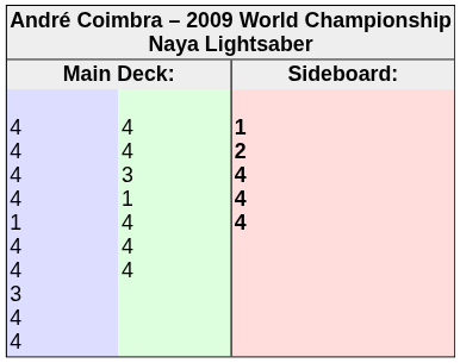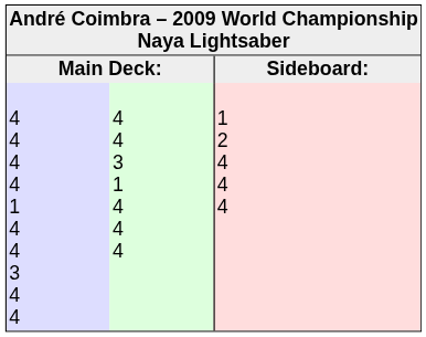 <table align="right" border="0" cellspacing="0" cellpadding="2" style="border: 1px solid black; margin-left: 1ex;">
 <tr>
 <th colspan="3" style="background-color: #eee; border-bottom: 1px solid black;">André Coimbra – 2009 World Championship<br>Naya Lightsaber</th>
 </tr>
 <tr style="background-color: #eee;">
 <th colspan="2">Main Deck:</th>
 <th style="border-left: 1px solid black;">Sideboard:</th>
 </tr>
 <tr valign="top">
 <td style="background-color: #ddf;"><br>4 <br> 4 <br> 4 <br> 4 <br> 1 <br> 4 <br> 4 <br>3 <br> 4 <br> 4 <br></td>
 <td style="background-color: #dfd;"><br>4 <br> 4 <br> 3 <br> 1 <br> 4 <br> 4 <br> 4 <br></td>
-<td style="background-color: #fdd; border-left: 1px solid black;"><strong><br>1 <br> 2 <br> 4 <br> 4 <br> 4 <br></strong></td>
+<td style="background-color: #fdd; border-left: 1px solid black;"><br>1 <br> 2 <br> 4 <br> 4 <br> 4 <br></td>
 </tr>
 </table>
